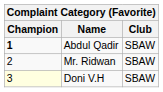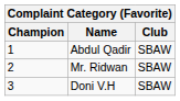 <table class="wikitable">
 <tr>
 <th colspan="3"><strong>Complaint Category (Favorite)</strong></th>
 </tr>
 <tr>
 <th>Champion</th>
 <th>Name</th>
 <th>Club</th>
 </tr>
 <tr>
-<td><strong>1</strong></td>
+<td>1</td>
 <td>Abdul Qadir</td>
 <td>SBAW</td>
 </tr>
 <tr>
 <td>2</td>
 <td>Mr. Ridwan</td>
 <td>SBAW</td>
 </tr>
 <tr>
-<td style="background: lightyellow;">3</td>
+<td>3</td>
 <td>Doni V.H</td>
 <td>SBAW</td>
 </tr>
 </table>
